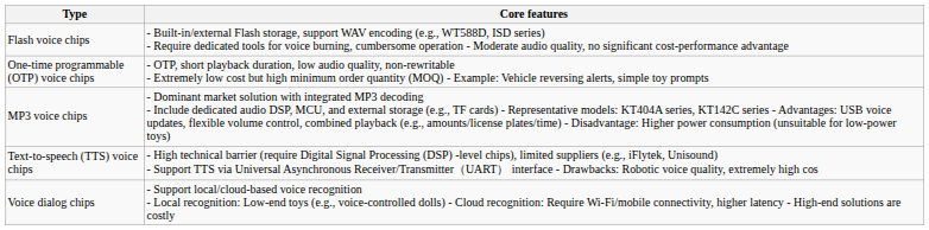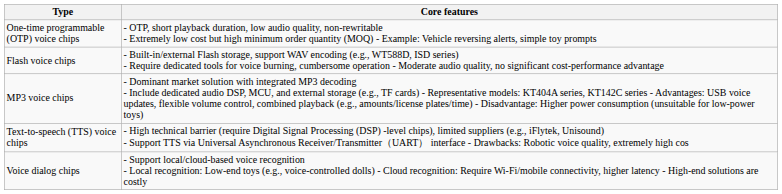 <table class="wikitable">
 <tr>
 <th>Type</th>
 <th>Core features</th>
 </tr>
 <tr>
+<td>One-time programmable (OTP) voice chips</td>
+<td>- OTP, short playback duration, low audio quality, non-rewritable<br>- Extremely low cost but high minimum order quantity (MOQ) - Example: Vehicle reversing alerts, simple toy prompts</td>
+</tr>
+<tr>
 <td>Flash voice chips</td>
 <td>- Built-in/external Flash storage, support WAV encoding (e.g., WT588D, ISD series)<br>- Require dedicated tools for voice burning, cumbersome operation - Moderate audio quality, no significant cost-performance advantage</td>
-</tr>
-<tr>
-<td>One-time programmable (OTP) voice chips</td>
-<td>- OTP, short playback duration, low audio quality, non-rewritable<br>- Extremely low cost but high minimum order quantity (MOQ) - Example: Vehicle reversing alerts, simple toy prompts</td>
 </tr>
 <tr>
 <td>MP3 voice chips</td>
 <td>- Dominant market solution with integrated MP3 decoding<br>- Include dedicated audio DSP, MCU, and external storage (e.g., TF cards) - Representative models: KT404A series, KT142C series - Advantages: USB voice updates, flexible volume control, combined playback (e.g., amounts/license plates/time) - Disadvantage: Higher power consumption (unsuitable for low-power toys)</td>
 </tr>
 <tr>
 <td>Text-to-speech (TTS) voice chips</td>
 <td>- High technical barrier (require Digital Signal Processing (DSP) -level chips), limited suppliers (e.g., iFlytek, Unisound)<br>- Support TTS via Universal Asynchronous Receiver/Transmitter（UART） interface - Drawbacks: Robotic voice quality, extremely high cos</td>
 </tr>
 <tr>
 <td>Voice dialog chips</td>
 <td>- Support local/cloud-based voice recognition<br>- Local recognition: Low-end toys (e.g., voice-controlled dolls) - Cloud recognition: Require Wi-Fi/mobile connectivity, higher latency - High-end solutions are costly</td>
 </tr>
 </table>
